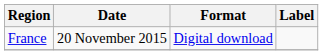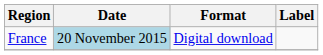 <table class=wikitable>
 <tr>
 <th>Region</th>
 <th>Date</th>
 <th>Format</th>
 <th>Label</th>
 </tr>
 <tr>
 <td><a href='#'>France</a></td>
-<td>20 November 2015</td>
+<td style="background: lightblue;">20 November 2015</td>
 <td><a href='#'>Digital download</a></td>
 <td></td>
 </tr>
 <tr>
 </tr>
 </table>
